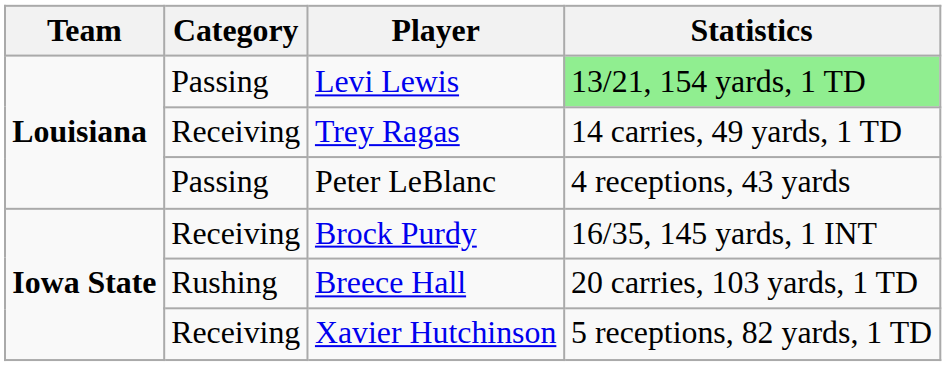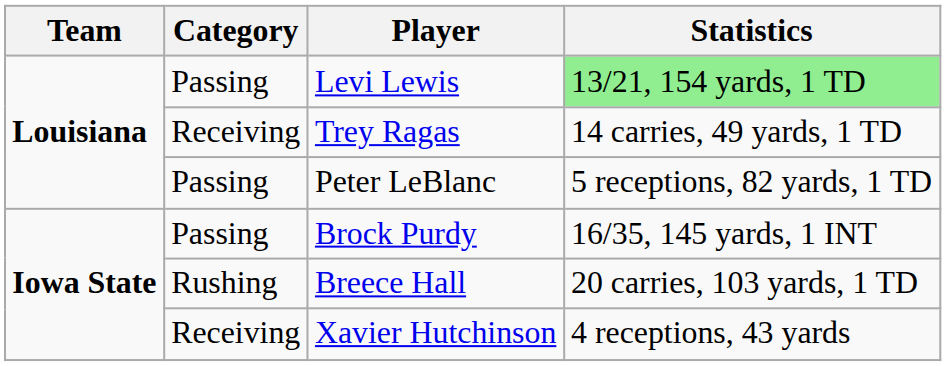 <table class="wikitable" style="float: left;">
 <tr>
 <th>Team</th>
 <th>Category</th>
 <th>Player</th>
 <th>Statistics</th>
 </tr>
 <tr>
 <td rowspan=3><strong>Louisiana</strong></td>
 <td>Passing</td>
 <td><a href='#'>Levi Lewis</a></td>
 <td style="background: lightgreen;">13/21, 154 yards, 1 TD</td>
 </tr>
 <tr>
 <td>Receiving</td>
 <td><a href='#'>Trey Ragas</a></td>
 <td>14 carries, 49 yards, 1 TD</td>
 </tr>
 <tr>
 <td>Passing</td>
 <td>Peter LeBlanc</td>
-<td>4 receptions, 43 yards</td>
+<td>5 receptions, 82 yards, 1 TD</td>
 </tr>
 <tr>
 <td rowspan=3><strong>Iowa State</strong></td>
-<td>Receiving</td>
+<td>Passing</td>
 <td><a href='#'>Brock Purdy</a></td>
 <td>16/35, 145 yards, 1 INT</td>
 </tr>
 <tr>
 <td>Rushing</td>
 <td><a href='#'>Breece Hall</a></td>
 <td>20 carries, 103 yards, 1 TD</td>
 </tr>
 <tr>
 <td>Receiving</td>
 <td><a href='#'>Xavier Hutchinson</a></td>
-<td>5 receptions, 82 yards, 1 TD</td>
+<td>4 receptions, 43 yards</td>
 </tr>
 </table>
